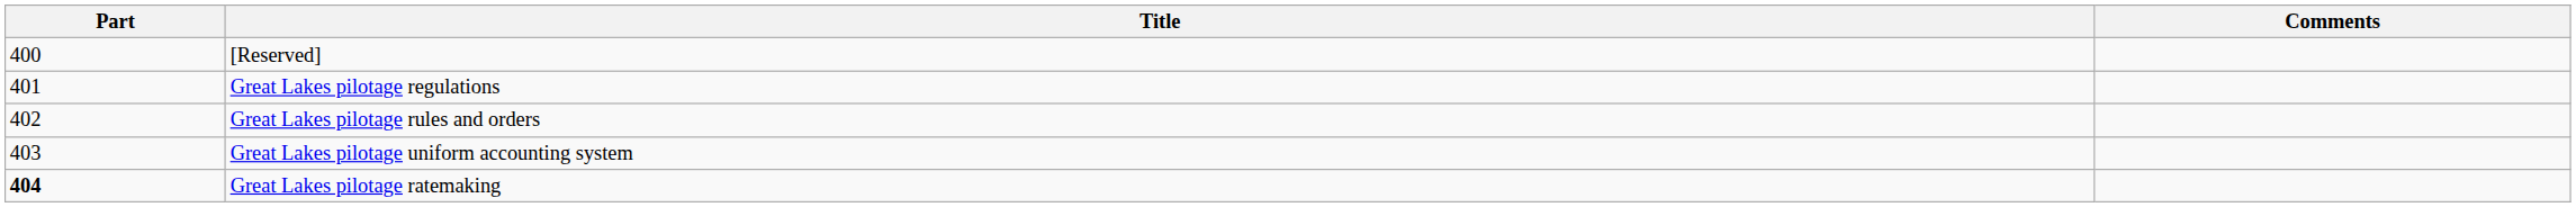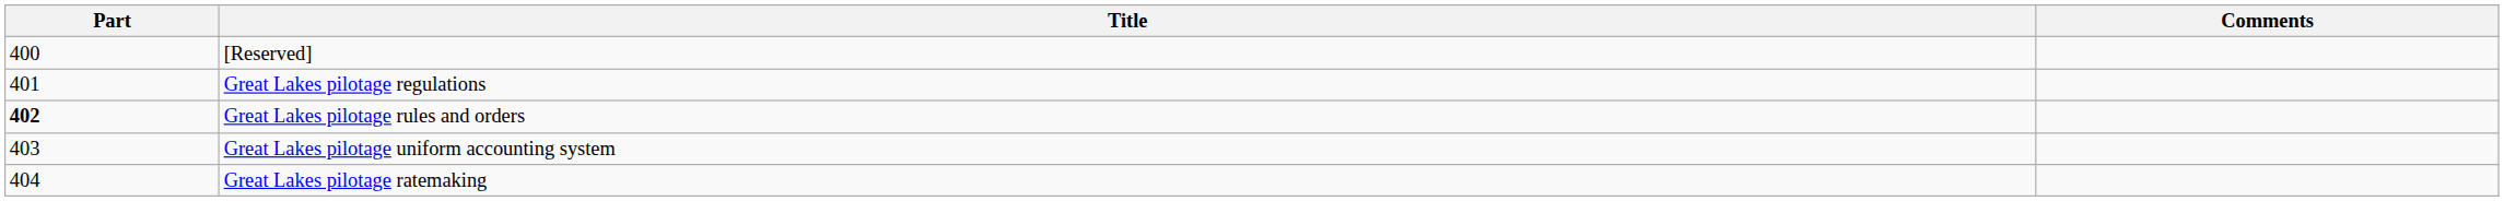 <table class="wikitable" width="100%">
 <tr>
 <th>Part</th>
 <th>Title</th>
 <th>Comments</th>
 </tr>
 <tr>
 <td>400</td>
 <td>[Reserved]</td>
 <td></td>
 </tr>
 <tr>
 <td>401</td>
 <td><a href='#'>Great Lakes pilotage</a> regulations</td>
 <td></td>
 </tr>
 <tr>
-<td>402</td>
+<td><strong>402</strong></td>
 <td><a href='#'>Great Lakes pilotage</a> rules and orders</td>
 <td></td>
 </tr>
 <tr>
 <td>403</td>
 <td><a href='#'>Great Lakes pilotage</a> uniform accounting system</td>
 </tr>
 <tr>
-<td><strong>404</strong></td>
+<td>404</td>
 <td><a href='#'>Great Lakes pilotage</a> ratemaking</td>
 <td></td>
 </tr>
 </table>
